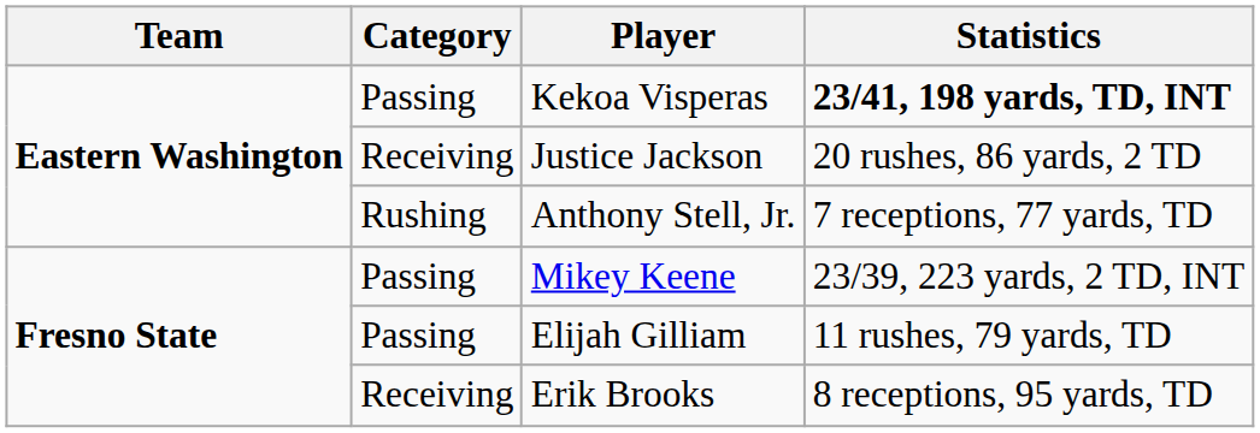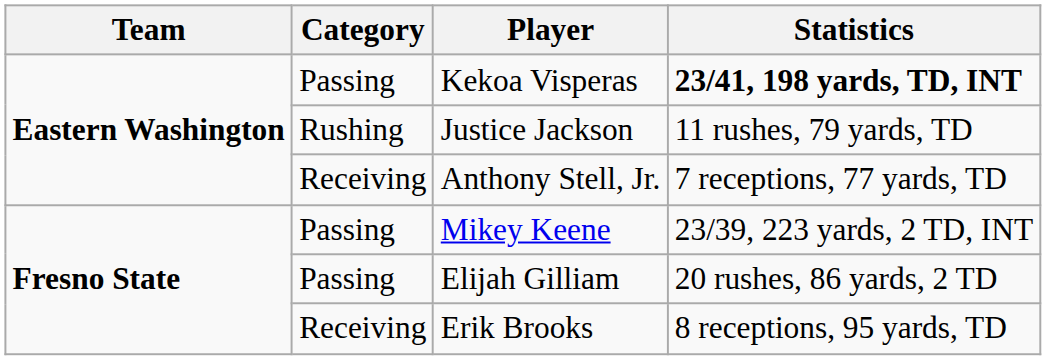 <table class="wikitable" style="float: right;">
 <tr>
 <th>Team</th>
 <th>Category</th>
 <th>Player</th>
 <th>Statistics</th>
 </tr>
 <tr>
 <td rowspan=3><strong>Eastern Washington</strong></td>
 <td>Passing</td>
 <td>Kekoa Visperas</td>
 <td><strong>23/41, 198 yards, TD, INT</strong></td>
 </tr>
 <tr>
-<td>Receiving</td>
+<td>Rushing</td>
 <td>Justice Jackson</td>
-<td>20 rushes, 86 yards, 2 TD</td>
+<td>11 rushes, 79 yards, TD</td>
 </tr>
 <tr>
-<td>Rushing</td>
+<td>Receiving</td>
 <td>Anthony Stell, Jr.</td>
 <td>7 receptions, 77 yards, TD</td>
 </tr>
 <tr>
 <td rowspan=3><strong>Fresno State</strong></td>
 <td>Passing</td>
 <td><a href='#'>Mikey Keene</a></td>
 <td>23/39, 223 yards, 2 TD, INT</td>
 </tr>
 <tr>
 <td>Passing</td>
 <td>Elijah Gilliam</td>
-<td>11 rushes, 79 yards, TD</td>
+<td>20 rushes, 86 yards, 2 TD</td>
 </tr>
 <tr>
 <td>Receiving</td>
 <td>Erik Brooks</td>
 <td>8 receptions, 95 yards, TD</td>
 </tr>
 </table>
